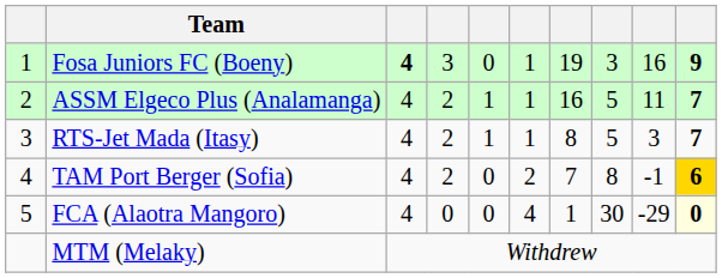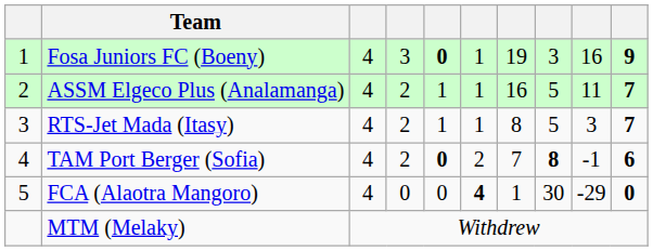 <table class="wikitable" style="text-align: center;">
 <tr>
 <th width=20></th>
 <th>Team</th>
 <th width=20></th>
 <th width=20></th>
 <th width=20></th>
 <th width=20></th>
 <th width=20></th>
 <th width=20></th>
 <th width=20></th>
 <th width=20></th>
 </tr>
 <tr bgcolor=#ccffcc>
 <td>1</td>
 <td align=left><a href='#'>Fosa Juniors FC</a> (<a href='#'>Boeny</a>)</td>
-<td><strong>4</strong></td>
+<td>4</td>
 <td>3</td>
-<td>0</td>
+<td><strong>0</strong></td>
 <td>1</td>
 <td>19</td>
 <td>3</td>
 <td>16</td>
 <td><strong>9</strong></td>
 </tr>
 <tr bgcolor=#ccffcc>
 <td>2</td>
 <td align=left><a href='#'>ASSM Elgeco Plus</a> (<a href='#'>Analamanga</a>)</td>
 <td>4</td>
 <td>2</td>
 <td>1</td>
 <td>1</td>
 <td>16</td>
 <td>5</td>
 <td>11</td>
 <td><strong>7</strong></td>
 </tr>
 <tr>
 <td>3</td>
 <td align=left><a href='#'>RTS-Jet Mada</a> (<a href='#'>Itasy</a>)</td>
 <td>4</td>
 <td>2</td>
 <td>1</td>
 <td>1</td>
 <td>8</td>
 <td>5</td>
 <td>3</td>
 <td><strong>7</strong></td>
 </tr>
 <tr>
 <td>4</td>
 <td align=left><a href='#'>TAM Port Berger</a> (<a href='#'>Sofia</a>)</td>
 <td>4</td>
 <td>2</td>
-<td>0</td>
+<td><strong>0</strong></td>
 <td>2</td>
 <td>7</td>
-<td>8</td>
+<td><strong>8</strong></td>
 <td>-1</td>
-<td style="background: gold;"><strong>6</strong></td>
+<td><strong>6</strong></td>
 </tr>
 <tr>
 <td>5</td>
 <td align=left><a href='#'>FCA</a> (<a href='#'>Alaotra Mangoro</a>)</td>
 <td>4</td>
 <td>0</td>
 <td>0</td>
-<td>4</td>
+<td><strong>4</strong></td>
 <td>1</td>
 <td>30</td>
 <td>-29</td>
-<td style="background: lightyellow;"><strong>0</strong></td>
+<td><strong>0</strong></td>
 </tr>
 <tr>
 <td></td>
 <td align=left><a href='#'>MTM</a> (<a href='#'>Melaky</a>)</td>
 <td colspan=8 style="text-align:center;"><em>Withdrew</em></td>
 </tr>
 </table>
